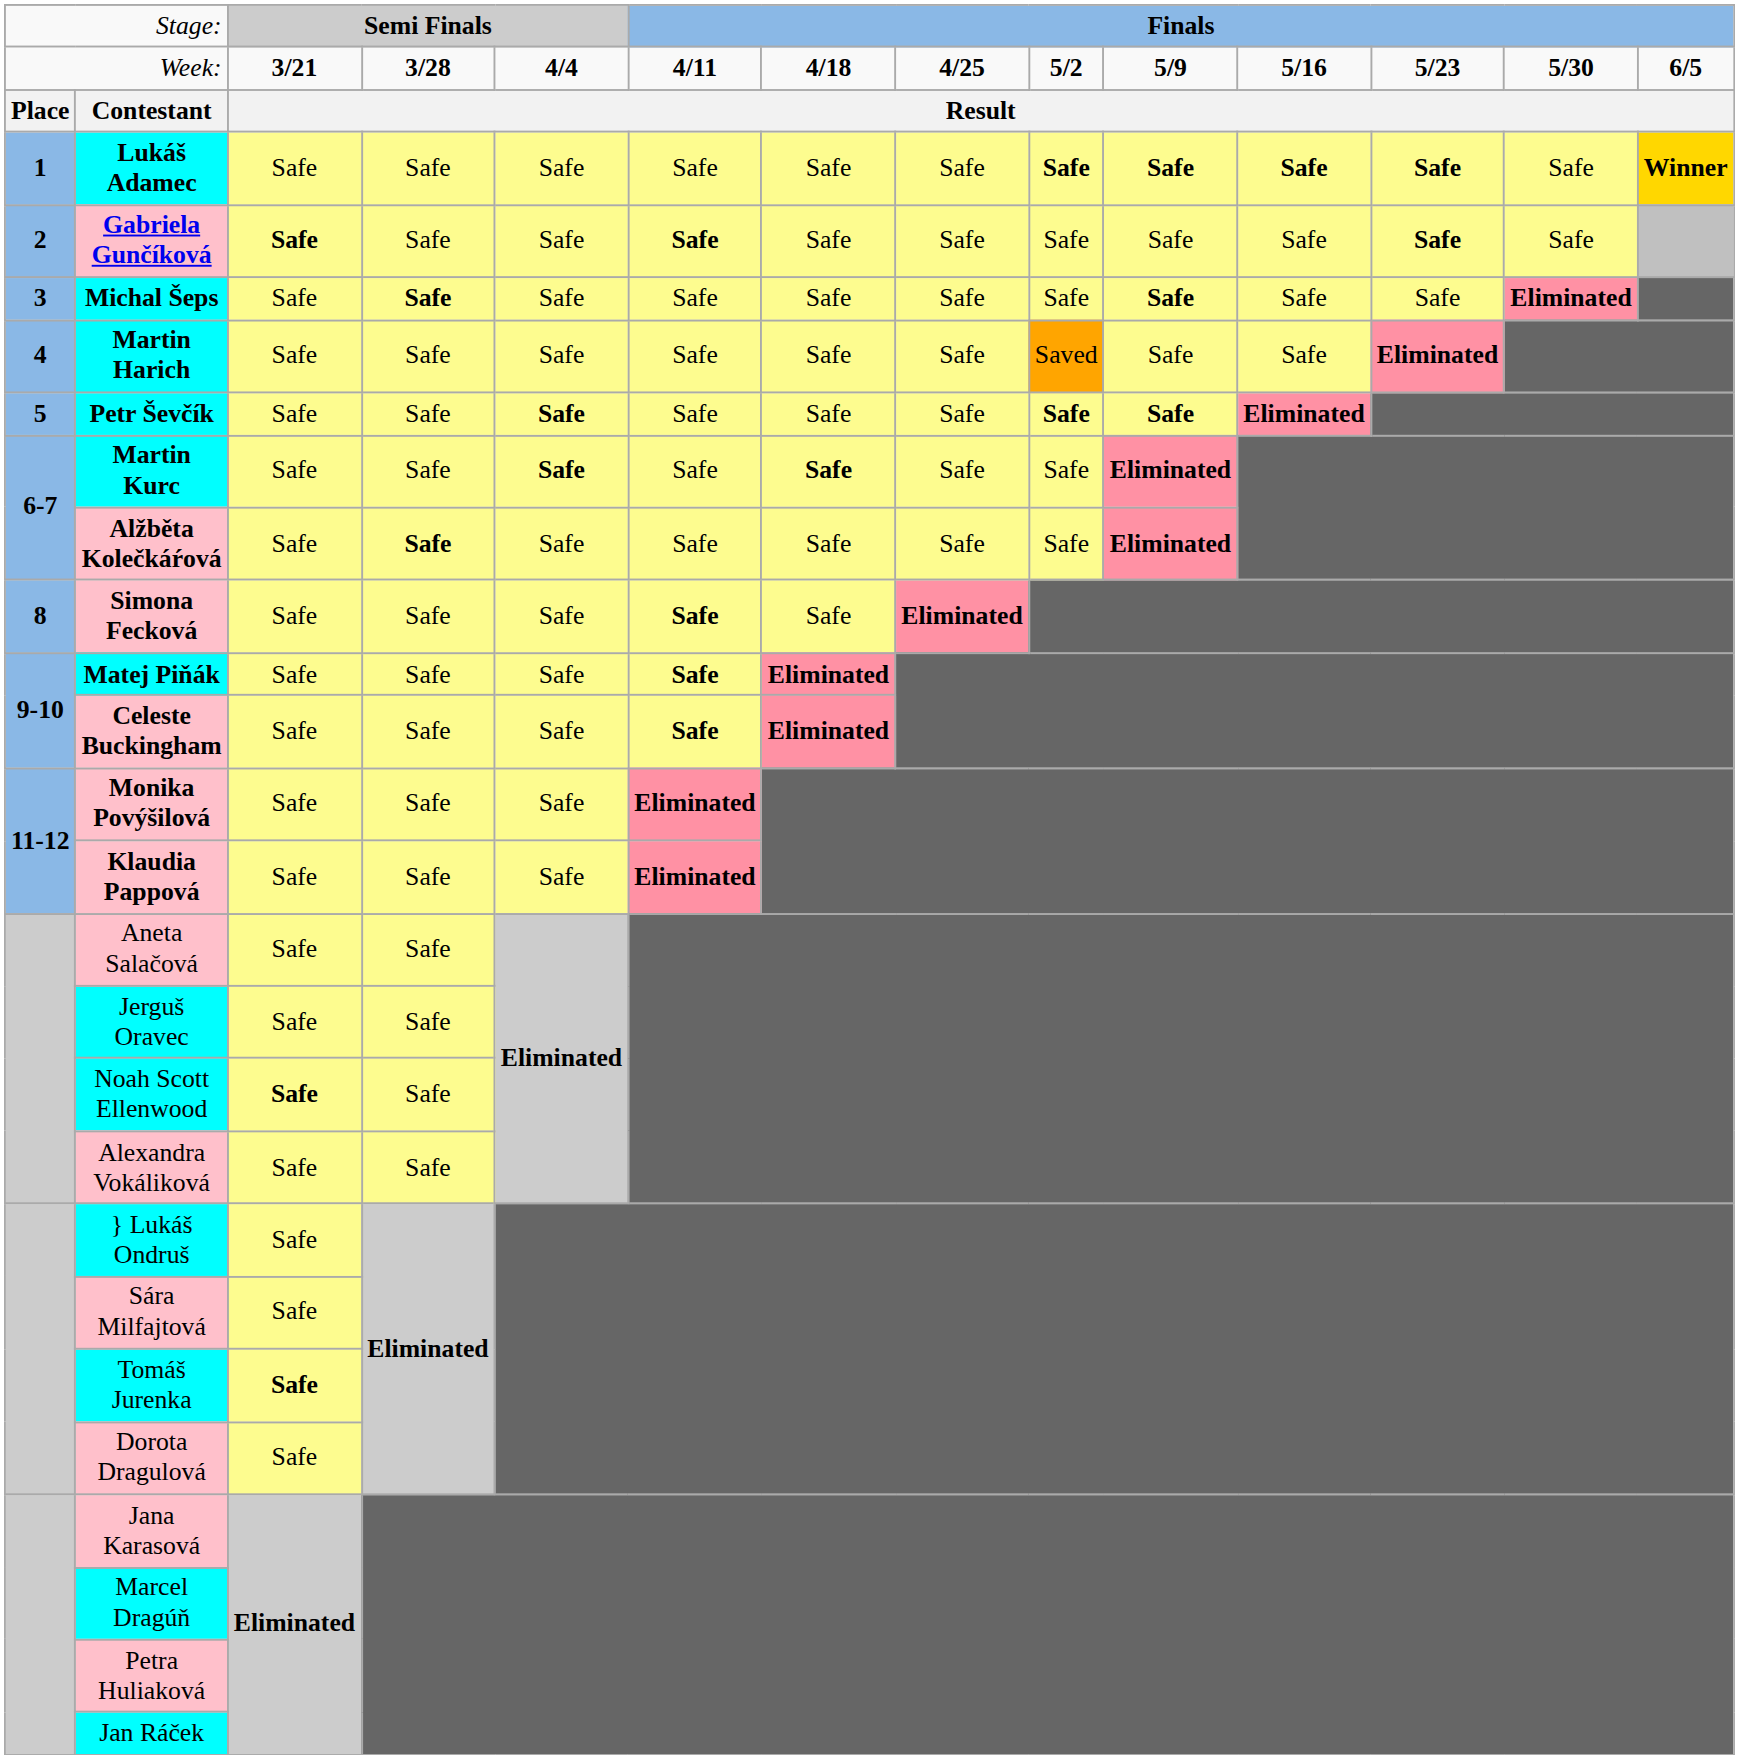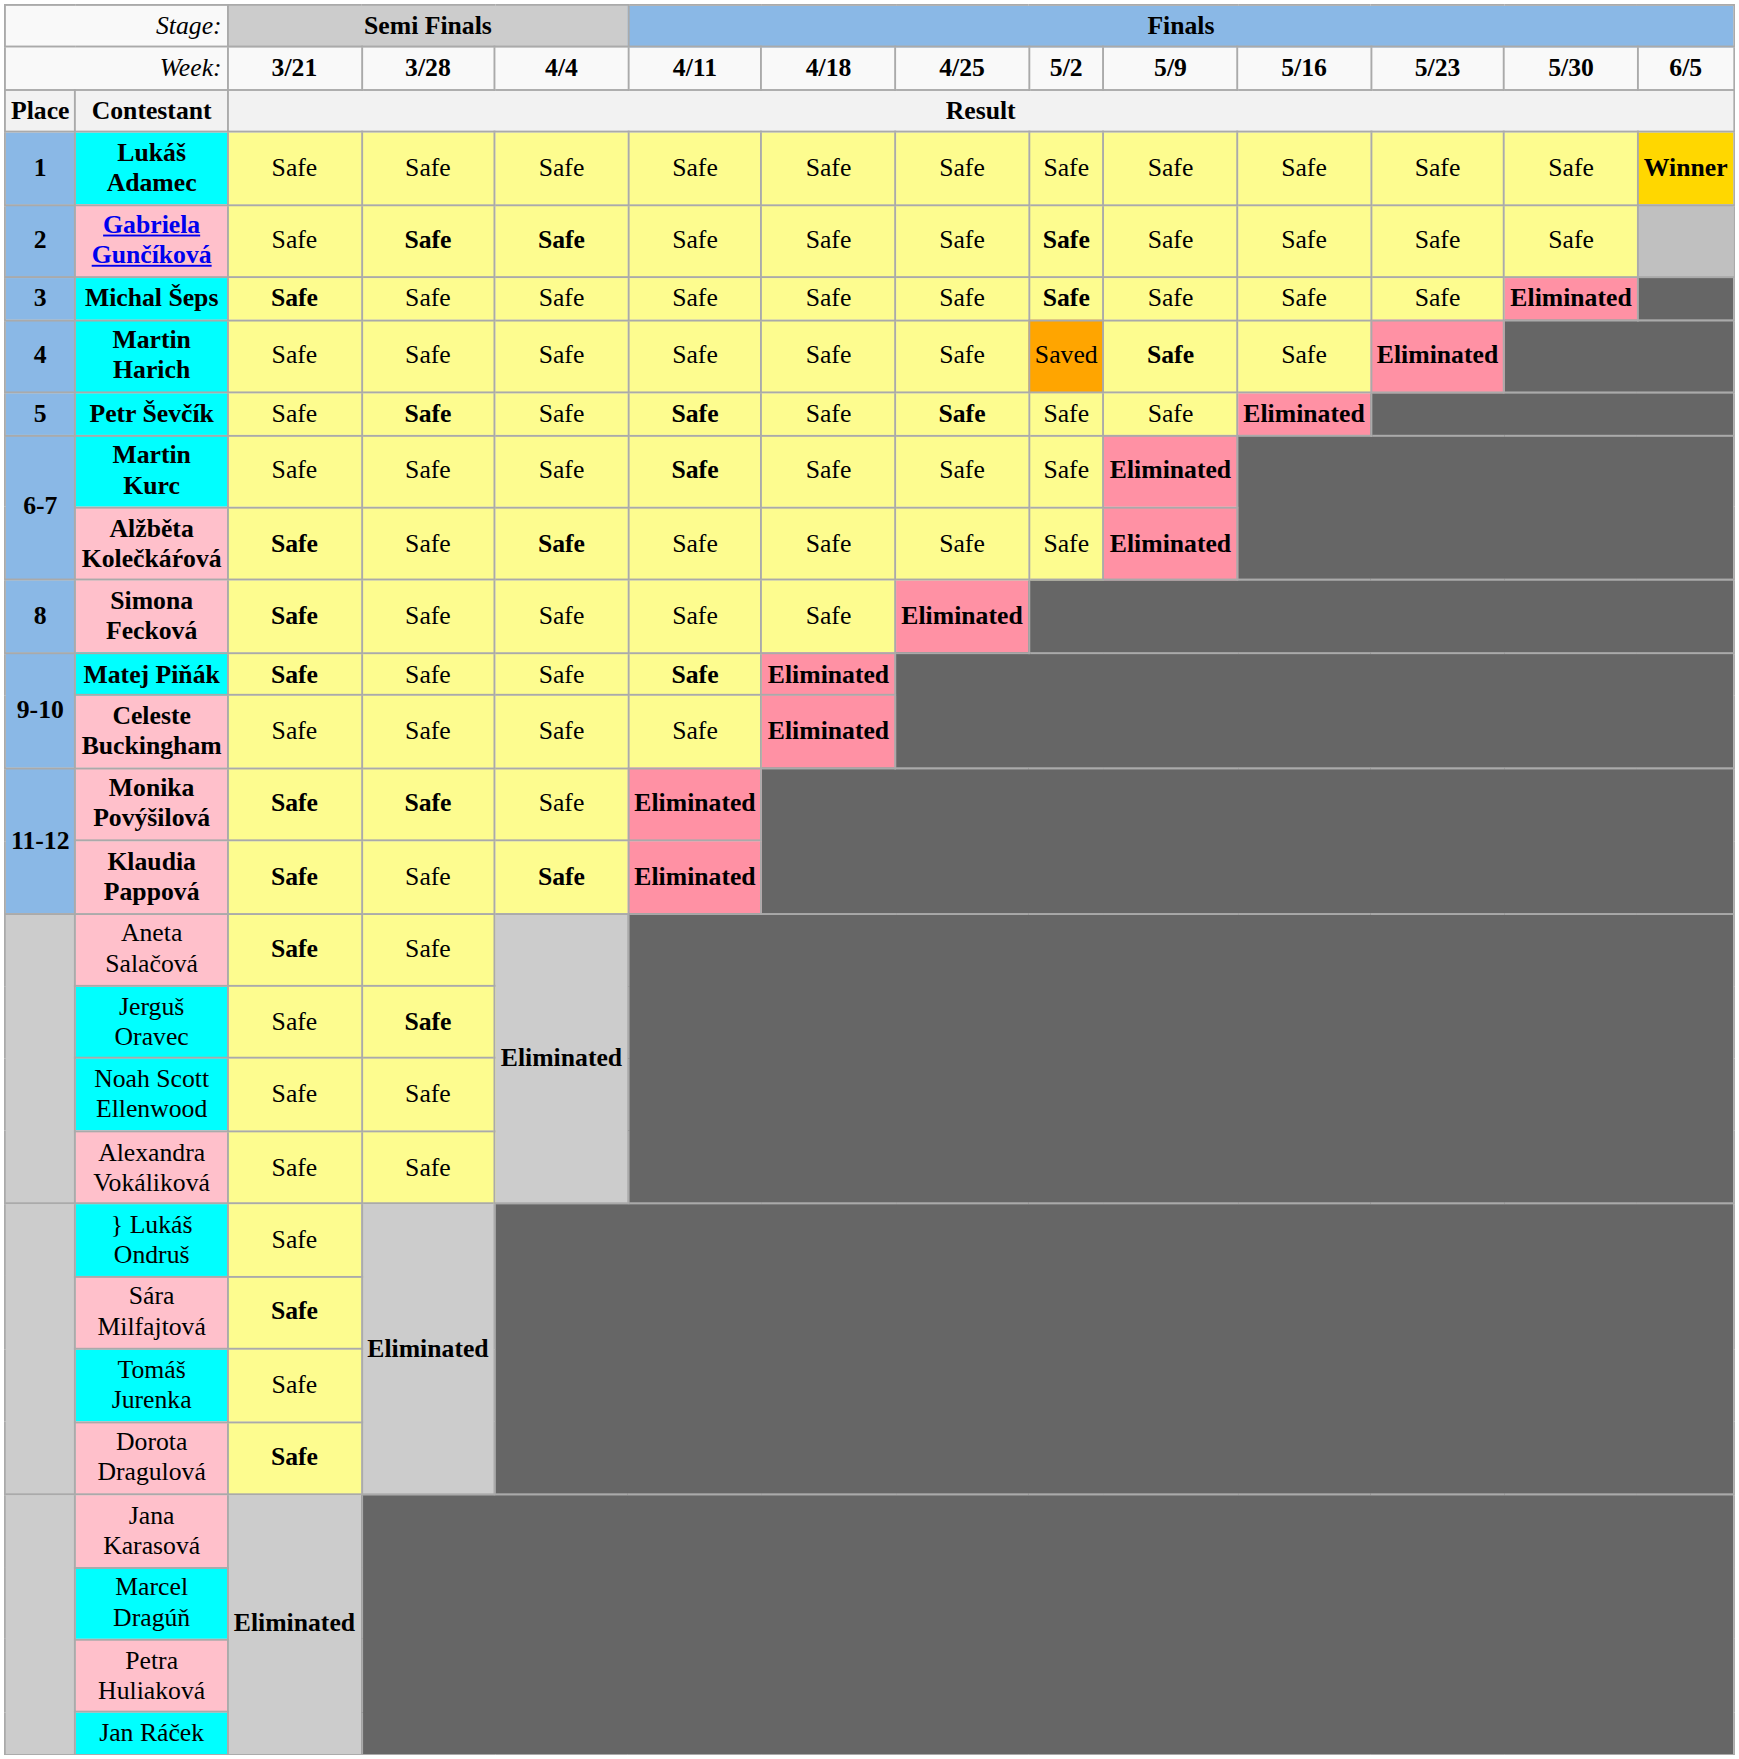 <table class="wikitable" style="margin:1em auto; text-align:center; font-size:85%">
 <tr>
 <td colspan="2" align="right"><em>Stage:</em></td>
 <td colspan="3" bgcolor="#CCCCCC"><strong>Semi Finals</strong></td>
 <td colspan="9" bgcolor="#8AB8E6"><strong>Finals</strong></td>
 </tr>
 <tr>
 <td colspan="2" align="right"><em>Week:</em></td>
 <td width=6%><strong>3/21</strong></td>
 <td width=6%><strong>3/28</strong></td>
 <td width=6%><strong>4/4 </strong></td>
 <td width=6%><strong>4/11</strong></td>
 <td width=6%><strong>4/18</strong></td>
 <td width=6%><strong>4/25</strong></td>
 <td width=6%><strong>5/2 </strong></td>
 <td width=6%><strong>5/9</strong></td>
 <td width=6%><strong>5/16</strong></td>
 <td width=6%><strong>5/23</strong></td>
 <td width=6%><strong>5/30</strong></td>
 <td width=6%><strong>6/5 </strong></td>
 </tr>
 <tr>
 <th>Place</th>
 <th>Contestant</th>
 <th colspan="14" align="center">Result</th>
 </tr>
 <tr>
 <td align="center"  bgcolor="#8ab8e6" rowspan="1"><strong>1</strong></td>
 <td bgcolor="cyan"><strong>Lukáš Adamec</strong></td>
 <td style="background:#FDFC8F;">Safe</td>
 <td style="background:#FDFC8F;">Safe</td>
 <td style="background:#FDFC8F;">Safe</td>
 <td style="background:#FDFC8F;">Safe</td>
 <td style="background:#FDFC8F;">Safe</td>
 <td style="background:#FDFC8F;">Safe</td>
-<td style="background:#FDFC8F;"><strong>Safe</strong></td>
-<td style="background:#FDFC8F;"><strong>Safe</strong></td>
-<td style="background:#FDFC8F;"><strong>Safe</strong></td>
-<td style="background:#FDFC8F;"><strong>Safe</strong></td>
+<td style="background:#FDFC8F;">Safe</td>
+<td style="background:#FDFC8F;">Safe</td>
+<td style="background:#FDFC8F;">Safe</td>
+<td style="background:#FDFC8F;">Safe</td>
 <td style="background:#FDFC8F;">Safe</td>
 <td style="background:gold;"><strong>Winner</strong></td>
 </tr>
 <tr>
 <td align="center"  bgcolor="#8ab8e6" rowspan="1"><strong>2</strong></td>
 <td bgcolor="pink"><strong><a href='#'>Gabriela Gunčíková</a></strong></td>
+<td style="background:#FDFC8F;">Safe</td>
+<td style="background:#FDFC8F;"><strong>Safe</strong></td>
 <td style="background:#FDFC8F;"><strong>Safe</strong></td>
 <td style="background:#FDFC8F;">Safe</td>
 <td style="background:#FDFC8F;">Safe</td>
+<td style="background:#FDFC8F;">Safe</td>
+<td style="background:#FDFC8F;"><strong>Safe</strong></td>
+<td style="background:#FDFC8F;">Safe</td>
+<td style="background:#FDFC8F;">Safe</td>
+<td style="background:#FDFC8F;">Safe</td>
+<td style="background:#FDFC8F;">Safe</td>
+<td style="background:silver;"></td>
+</tr>
+<tr>
+<td align="center"  bgcolor="#8ab8e6" rowspan="1"><strong>3</strong></td>
+<td bgcolor="cyan"><strong>Michal Šeps</strong></td>
 <td style="background:#FDFC8F;"><strong>Safe</strong></td>
 <td style="background:#FDFC8F;">Safe</td>
 <td style="background:#FDFC8F;">Safe</td>
 <td style="background:#FDFC8F;">Safe</td>
 <td style="background:#FDFC8F;">Safe</td>
 <td style="background:#FDFC8F;">Safe</td>
 <td style="background:#FDFC8F;"><strong>Safe</strong></td>
 <td style="background:#FDFC8F;">Safe</td>
-<td style="background:silver;"></td>
-</tr>
-<tr>
-<td align="center"  bgcolor="#8ab8e6" rowspan="1"><strong>3</strong></td>
-<td bgcolor="cyan"><strong>Michal Šeps</strong></td>
-<td style="background:#FDFC8F;">Safe</td>
-<td style="background:#FDFC8F;"><strong>Safe</strong></td>
-<td style="background:#FDFC8F;">Safe</td>
-<td style="background:#FDFC8F;">Safe</td>
-<td style="background:#FDFC8F;">Safe</td>
-<td style="background:#FDFC8F;">Safe</td>
-<td style="background:#FDFC8F;">Safe</td>
-<td style="background:#FDFC8F;"><strong>Safe</strong></td>
 <td style="background:#FDFC8F;">Safe</td>
 <td style="background:#FDFC8F;">Safe</td>
 <td style="background:#FF91A4;"><strong>Eliminated</strong></td>
 <td colspan="1" bgcolor="666666"></td>
 </tr>
 <tr>
 <td align="center"  bgcolor="#8ab8e6" rowspan="1"><strong>4</strong></td>
 <td bgcolor="cyan"><strong>Martin Harich</strong></td>
 <td style="background:#FDFC8F;">Safe</td>
 <td style="background:#FDFC8F;">Safe</td>
 <td style="background:#FDFC8F;">Safe</td>
 <td style="background:#FDFC8F;">Safe</td>
 <td style="background:#FDFC8F;">Safe</td>
 <td style="background:#FDFC8F;">Safe</td>
 <td style="background:orange;">Saved</td>
-<td style="background:#FDFC8F;">Safe</td>
+<td style="background:#FDFC8F;"><strong>Safe</strong></td>
 <td style="background:#FDFC8F;">Safe</td>
 <td style="background:#FF91A4;"><strong>Eliminated</strong></td>
 <td colspan="2" bgcolor="666666"></td>
 </tr>
 <tr>
 <td align="center"  bgcolor="#8ab8e6" rowspan="1"><strong>5</strong></td>
 <td bgcolor="cyan"><strong>Petr Ševčík</strong></td>
 <td style="background:#FDFC8F;">Safe</td>
+<td style="background:#FDFC8F;"><strong>Safe</strong></td>
+<td style="background:#FDFC8F;">Safe</td>
+<td style="background:#FDFC8F;"><strong>Safe</strong></td>
 <td style="background:#FDFC8F;">Safe</td>
 <td style="background:#FDFC8F;"><strong>Safe</strong></td>
 <td style="background:#FDFC8F;">Safe</td>
 <td style="background:#FDFC8F;">Safe</td>
-<td style="background:#FDFC8F;">Safe</td>
-<td style="background:#FDFC8F;"><strong>Safe</strong></td>
-<td style="background:#FDFC8F;"><strong>Safe</strong></td>
 <td style="background:#FF91A4;"><strong>Eliminated</strong></td>
 <td colspan="3" bgcolor="666666"></td>
 </tr>
 <tr>
 <td align="center"  bgcolor="#8ab8e6" rowspan="2"><strong>6-7</strong></td>
 <td bgcolor="cyan"><strong>Martin Kurc</strong></td>
 <td style="background:#FDFC8F;">Safe</td>
 <td style="background:#FDFC8F;">Safe</td>
+<td style="background:#FDFC8F;">Safe</td>
 <td style="background:#FDFC8F;"><strong>Safe</strong></td>
 <td style="background:#FDFC8F;">Safe</td>
-<td style="background:#FDFC8F;"><strong>Safe</strong></td>
 <td style="background:#FDFC8F;">Safe</td>
 <td style="background:#FDFC8F;">Safe</td>
 <td style="background:#FF91A4;"><strong>Eliminated</strong></td>
 <td rowspan=2 colspan="4" bgcolor="666666"></td>
 </tr>
 <tr>
 <td bgcolor="pink"><strong>Alžběta Kolečkáŕová</strong></td>
+<td style="background:#FDFC8F;"><strong>Safe</strong></td>
 <td style="background:#FDFC8F;">Safe</td>
 <td style="background:#FDFC8F;"><strong>Safe</strong></td>
-<td style="background:#FDFC8F;">Safe</td>
 <td style="background:#FDFC8F;">Safe</td>
 <td style="background:#FDFC8F;">Safe</td>
 <td style="background:#FDFC8F;">Safe</td>
 <td style="background:#FDFC8F;">Safe</td>
 <td style="background:#FF91A4;"><strong>Eliminated</strong></td>
 </tr>
 <tr>
 <td align="center"  bgcolor="#8ab8e6" rowspan="1"><strong>8</strong></td>
 <td bgcolor="pink"><strong>Simona Fecková</strong></td>
+<td style="background:#FDFC8F;"><strong>Safe</strong></td>
 <td style="background:#FDFC8F;">Safe</td>
 <td style="background:#FDFC8F;">Safe</td>
 <td style="background:#FDFC8F;">Safe</td>
-<td style="background:#FDFC8F;"><strong>Safe</strong></td>
 <td style="background:#FDFC8F;">Safe</td>
 <td style="background:#FF91A4;"><strong>Eliminated</strong></td>
 <td colspan="6" bgcolor="666666"></td>
 </tr>
 <tr>
 <td align="center"  bgcolor="#8ab8e6" rowspan="2"><strong>9-10</strong></td>
 <td bgcolor="cyan"><strong>Matej Piňák</strong></td>
-<td style="background:#FDFC8F;">Safe</td>
+<td style="background:#FDFC8F;"><strong>Safe</strong></td>
 <td style="background:#FDFC8F;">Safe</td>
 <td style="background:#FDFC8F;">Safe</td>
 <td style="background:#FDFC8F;"><strong>Safe</strong></td>
 <td style="background:#FF91A4;"><strong>Eliminated</strong></td>
 <td rowspan=2 colspan="9" bgcolor="666666"></td>
 </tr>
 <tr>
 <td bgcolor="pink"><strong>Celeste Buckingham</strong></td>
 <td style="background:#FDFC8F;">Safe</td>
 <td style="background:#FDFC8F;">Safe</td>
 <td style="background:#FDFC8F;">Safe</td>
-<td style="background:#FDFC8F;"><strong>Safe</strong></td>
+<td style="background:#FDFC8F;">Safe</td>
 <td style="background:#FF91A4;"><strong>Eliminated</strong></td>
 </tr>
 <tr>
 <td align="center"  bgcolor="#8ab8e6" rowspan="2"><strong>11-12</strong></td>
 <td bgcolor="pink"><strong>Monika Povýšilová</strong></td>
-<td style="background:#FDFC8F;">Safe</td>
-<td style="background:#FDFC8F;">Safe</td>
+<td style="background:#FDFC8F;"><strong>Safe</strong></td>
+<td style="background:#FDFC8F;"><strong>Safe</strong></td>
 <td style="background:#FDFC8F;">Safe</td>
 <td style="background:#FF91A4;"><strong>Eliminated</strong></td>
 <td rowspan=2 colspan="10" bgcolor="666666"></td>
 </tr>
 <tr>
 <td bgcolor="pink"><strong>Klaudia Pappová</strong></td>
+<td style="background:#FDFC8F;"><strong>Safe</strong></td>
 <td style="background:#FDFC8F;">Safe</td>
-<td style="background:#FDFC8F;">Safe</td>
-<td style="background:#FDFC8F;">Safe</td>
+<td style="background:#FDFC8F;"><strong>Safe</strong></td>
 <td style="background:#FF91A4;"><strong>Eliminated</strong></td>
 </tr>
 <tr>
 <td bgcolor="#CCCCCC" rowspan=4></td>
 <td bgcolor="pink">Aneta Salačová</td>
-<td style="background:#FDFC8F;">Safe</td>
+<td style="background:#FDFC8F;"><strong>Safe</strong></td>
 <td style="background:#FDFC8F;">Safe</td>
 <td bgcolor="CCCCCC" rowspan="4" align="center"><strong>Eliminated</strong></td>
 <td rowspan=4 colspan="11" bgcolor="666666"></td>
 </tr>
 <tr>
 <td bgcolor="cyan">Jerguš Oravec</td>
 <td style="background:#FDFC8F;">Safe</td>
-<td style="background:#FDFC8F;">Safe</td>
+<td style="background:#FDFC8F;"><strong>Safe</strong></td>
 </tr>
 <tr>
 <td bgcolor="cyan">Noah Scott Ellenwood</td>
-<td style="background:#FDFC8F;"><strong>Safe</strong></td>
+<td style="background:#FDFC8F;">Safe</td>
 <td style="background:#FDFC8F;">Safe</td>
 </tr>
 <tr>
 <td bgcolor="pink">Alexandra Vokáliková</td>
 <td style="background:#FDFC8F;">Safe</td>
 <td style="background:#FDFC8F;">Safe</td>
 </tr>
 <tr>
 <td bgcolor="#CCCCCC" rowspan=4></td>
 <td bgcolor="cyan">} Lukáš Ondruš</td>
 <td style="background:#FDFC8F;">Safe</td>
 <td bgcolor="CCCCCC" rowspan="4" align="center"><strong>Eliminated</strong></td>
 <td rowspan=4 colspan="12" bgcolor="666666"></td>
 </tr>
 <tr>
 <td bgcolor="pink">Sára Milfajtová</td>
+<td style="background:#FDFC8F;"><strong>Safe</strong></td>
+</tr>
+<tr>
+<td bgcolor="cyan">Tomáš Jurenka</td>
 <td style="background:#FDFC8F;">Safe</td>
 </tr>
 <tr>
-<td bgcolor="cyan">Tomáš Jurenka</td>
+<td bgcolor="pink">Dorota Dragulová</td>
 <td style="background:#FDFC8F;"><strong>Safe</strong></td>
-</tr>
-<tr>
-<td bgcolor="pink">Dorota Dragulová</td>
-<td style="background:#FDFC8F;">Safe</td>
 </tr>
 <tr>
 <td bgcolor="#CCCCCC" rowspan=4></td>
 <td bgcolor="pink">Jana Karasová</td>
 <td bgcolor="CCCCCC" rowspan="4" align="center"><strong>Eliminated</strong></td>
 <td rowspan=4 colspan="13" bgcolor="666666"></td>
 </tr>
 <tr>
 <td bgcolor="cyan">Marcel Dragúň</td>
 </tr>
 <tr>
 <td bgcolor="pink">Petra Huliaková</td>
 </tr>
 <tr>
 <td bgcolor="cyan">Jan Ráček</td>
 </tr>
 <tr>
 </tr>
 </table>
